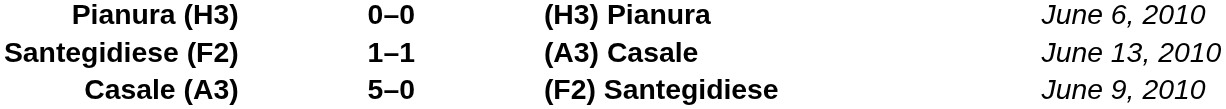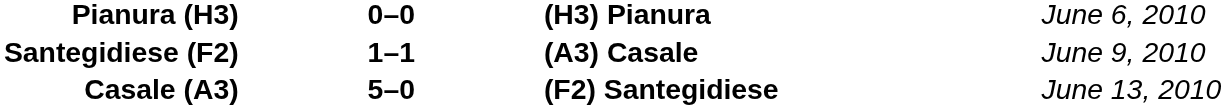 <table width="100%" cellspacing="1">
 <tr>
 <th width="20%"></th>
 <th width="12%"></th>
 <th width="20%"></th>
 <th width="20%'"></th>
 <th></th>
 </tr>
 <tr style="font-size:90%;">
 <td align="right"><strong>Pianura (H3)</strong></td>
 <td align="center"><strong>0–0</strong></td>
 <td align="left"><strong>(H3) Pianura </strong></td>
 <td align="left"><em>June 6, 2010</em></td>
 </tr>
 <tr style="font-size:90%;">
 <td align="right"><strong>Santegidiese (F2)</strong></td>
 <td align="center"><strong>1–1</strong></td>
 <td align="left"><strong>(A3) Casale</strong></td>
-<td align="left"><em>June 13, 2010</em></td>
+<td align="left"><em>June 9, 2010</em></td>
 </tr>
 <tr style="font-size:90%;">
 <td align="right"><strong>Casale (A3)</strong></td>
 <td align="center"><strong>5–0</strong></td>
 <td align="left"><strong>(F2) Santegidiese</strong></td>
-<td align="left"><em>June 9, 2010</em></td>
+<td align="left"><em>June 13, 2010</em></td>
 </tr>
 </table>
